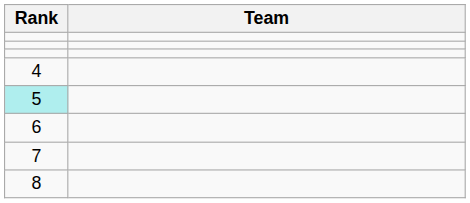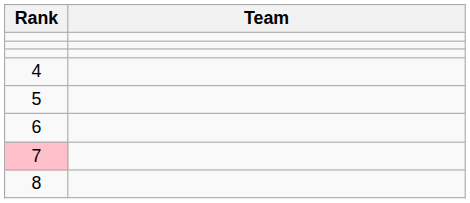 <table class="wikitable" style="text-align: center;">
 <tr>
 <th width=50>Rank</th>
 <th width=350>Team </th>
 </tr>
 <tr>
 <td></td>
 <td align="left"> </td>
 </tr>
 <tr>
 <td></td>
 <td align="left"></td>
 </tr>
 <tr>
 <td></td>
 <td align="left"></td>
 </tr>
 <tr>
 <td>4</td>
 <td align="left"></td>
 </tr>
 <tr>
-<td style="background: paleturquoise;">5</td>
+<td>5</td>
 <td align="left"></td>
 </tr>
 <tr>
 <td>6</td>
 <td align="left"></td>
 </tr>
 <tr>
-<td>7</td>
+<td style="background: pink;">7</td>
 <td align="left"></td>
 </tr>
 <tr>
 <td>8</td>
 <td align="left"></td>
 </tr>
 </table>
